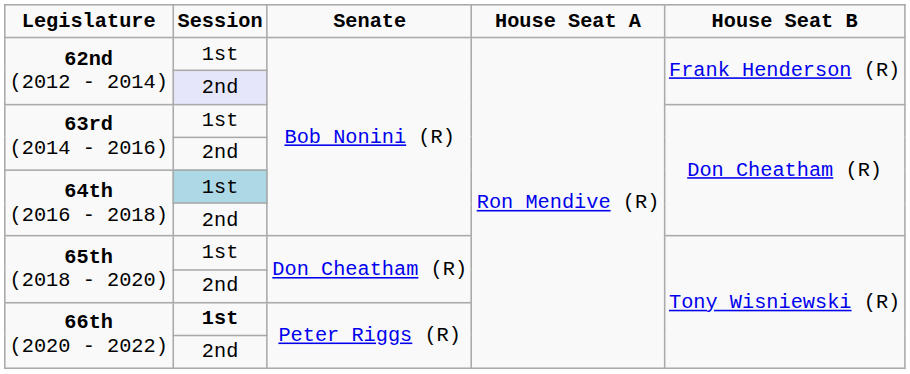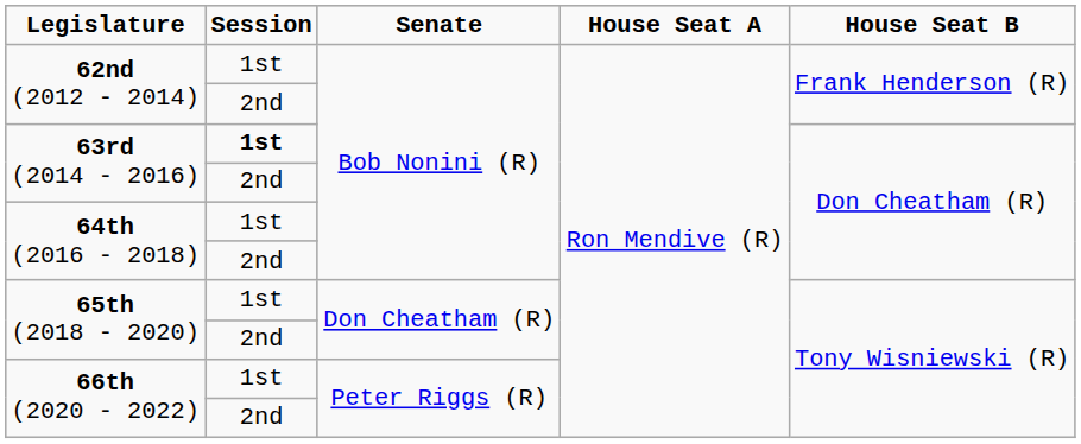 <table class=wikitable style="text-align:center">
 <tr>
 <td><strong>Legislature</strong></td>
 <td><strong>Session</strong></td>
 <td><strong>Senate</strong></td>
 <td><strong>House Seat A</strong></td>
 <td><strong>House Seat B</strong></td>
 </tr>
 <tr>
 <td rowspan="2" colspan="1" style="text-align: center;"><strong>62nd</strong> <br> (2012 - 2014)</td>
 <td>1st</td>
 <td rowspan="6" colspan="1" style="text-align: center;" ><a href='#'>Bob Nonini</a> (R)</td>
 <td rowspan="10" colspan="1" style="text-align: center;" ><a href='#'>Ron Mendive</a> (R)</td>
 <td rowspan="2" colspan="1" style="text-align: center;" ><a href='#'>Frank Henderson</a> (R)</td>
 </tr>
 <tr>
-<td style="background: lavender;">2nd</td>
+<td>2nd</td>
 </tr>
 <tr>
 <td rowspan="2" colspan="1" style="text-align: center;"><strong>63rd</strong> <br> (2014 - 2016)</td>
-<td>1st</td>
+<td><strong>1st</strong></td>
 <td rowspan="4" colspan="1" style="text-align: center;" ><a href='#'>Don Cheatham</a> (R)</td>
 </tr>
 <tr>
 <td>2nd</td>
 </tr>
 <tr>
 <td rowspan="2" colspan="1" style="text-align: center;"><strong>64th</strong> <br> (2016 - 2018)</td>
-<td style="background: lightblue;">1st</td>
+<td>1st</td>
 </tr>
 <tr>
 <td>2nd</td>
 </tr>
 <tr>
 <td rowspan="2" colspan="1" style="text-align: center;"><strong>65th</strong> <br> (2018 - 2020)</td>
 <td>1st</td>
 <td rowspan="2" colspan="1" style="text-align: center;" ><a href='#'>Don Cheatham</a> (R)</td>
 <td rowspan="4" colspan="1" style="text-align: center;" ><a href='#'>Tony Wisniewski</a> (R)</td>
 </tr>
 <tr>
 <td>2nd</td>
 </tr>
 <tr>
 <td rowspan="2" colspan="1" style="text-align: center;"><strong>66th</strong> <br> (2020 - 2022)</td>
-<td><strong>1st</strong></td>
+<td>1st</td>
 <td rowspan="2" colspan="1" style="text-align: center;" ><a href='#'>Peter Riggs</a> (R)</td>
 </tr>
 <tr>
 <td>2nd</td>
 </tr>
 </table>
